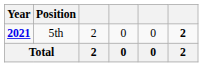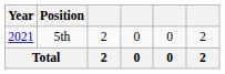 <table class="wikitable" style="text-align: center;font-size:90%;">
 <tr>
 <th>Year</th>
 <th>Position</th>
 <th width=30></th>
 <th width=30></th>
 <th width=30></th>
 <th width=30></th>
 </tr>
 <tr>
-<td><strong> <a href='#'>2021</a></strong></td>
+<td> <a href='#'>2021</a></td>
 <td>5th</td>
 <td>2</td>
 <td>0</td>
 <td>0</td>
-<td><strong>2</strong></td>
+<td>2</td>
 </tr>
 <tr>
 <th colspan=2>Total</th>
 <th>2</th>
 <th>0</th>
 <th>0</th>
 <th>2</th>
 </tr>
 </table>
